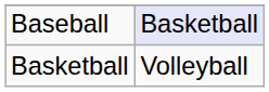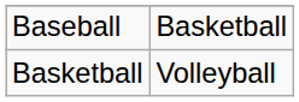 <table class="wikitable" style="float:right; clear:right; margin:0 0 1em 1em;">
 <tr>
 </tr>
 <tr>
 <td>Baseball</td>
-<td style="background: lavender;">Basketball</td>
+<td>Basketball</td>
 </tr>
 <tr>
 <td>Basketball</td>
 <td>Volleyball</td>
 </tr>
 </table>
